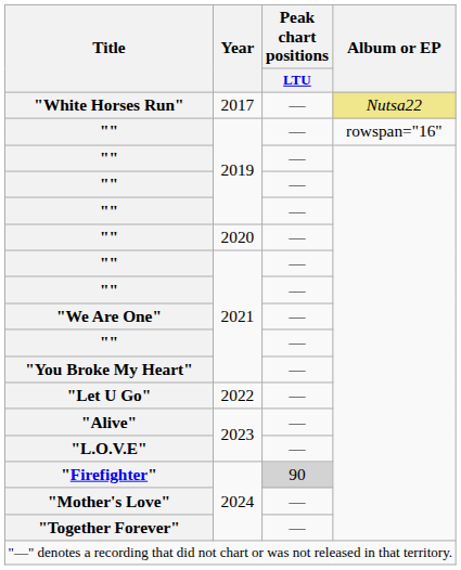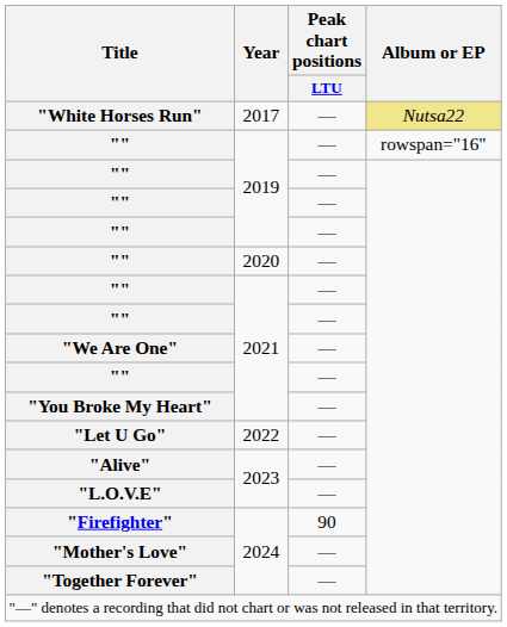 <table class="wikitable plainrowheaders" style="text-align:center">
 <tr>
 <th scope="col" rowspan="2">Title</th>
 <th scope="col" rowspan="2">Year</th>
 <th scope="col" colspan="1">Peak chart positions</th>
 <th scope="col" rowspan="2">Album or EP</th>
 </tr>
 <tr>
 <th scope="col" style="width:3em;font-size:85%;"><a href='#'>LTU</a><br></th>
 </tr>
 <tr>
 <th scope="row">"White Horses Run"</th>
 <td>2017</td>
 <td>—</td>
 <td style="background: khaki;"><em>Nutsa22</em></td>
 </tr>
 <tr>
 <th scope="row">""</th>
 <td rowspan="4">2019</td>
 <td>—</td>
 <td>rowspan="16" </td>
 </tr>
 <tr>
 <th scope="row">""</th>
 <td>—</td>
 </tr>
 <tr>
 <th scope="row">""</th>
 <td>—</td>
 </tr>
 <tr>
 <th scope="row">""</th>
 <td>—</td>
 </tr>
 <tr>
 <th scope="row">""</th>
 <td>2020</td>
 <td>—</td>
 </tr>
 <tr>
 <th scope="row">""</th>
 <td rowspan="5">2021</td>
 <td>—</td>
 </tr>
 <tr>
 <th scope="row">""</th>
 <td>—</td>
 </tr>
 <tr>
 <th scope="row">"We Are One"</th>
 <td>—</td>
 </tr>
 <tr>
 <th scope="row">""</th>
 <td>—</td>
 </tr>
 <tr>
 <th scope="row">"You Broke My Heart"</th>
 <td>—</td>
 </tr>
 <tr>
 <th scope="row">"Let U Go"</th>
 <td>2022</td>
 <td>—</td>
 </tr>
 <tr>
 <th scope="row">"Alive"</th>
 <td rowspan="2">2023</td>
 <td>—</td>
 </tr>
 <tr>
 <th scope="row">"L.O.V.E"</th>
 <td>—</td>
 </tr>
 <tr>
 <th scope="row">"<a href='#'>Firefighter</a>"</th>
 <td rowspan="3">2024</td>
-<td style="background: lightgrey;">90</td>
+<td>90</td>
 </tr>
 <tr>
 <th scope="row">"Mother's Love"</th>
 <td>—</td>
 </tr>
 <tr>
 <th scope="row">"Together Forever"</th>
 <td>—</td>
 </tr>
 <tr>
 <td colspan="5" style="font-size:85%">"—" denotes a recording that did not chart or was not released in that territory.</td>
 </tr>
 </table>
